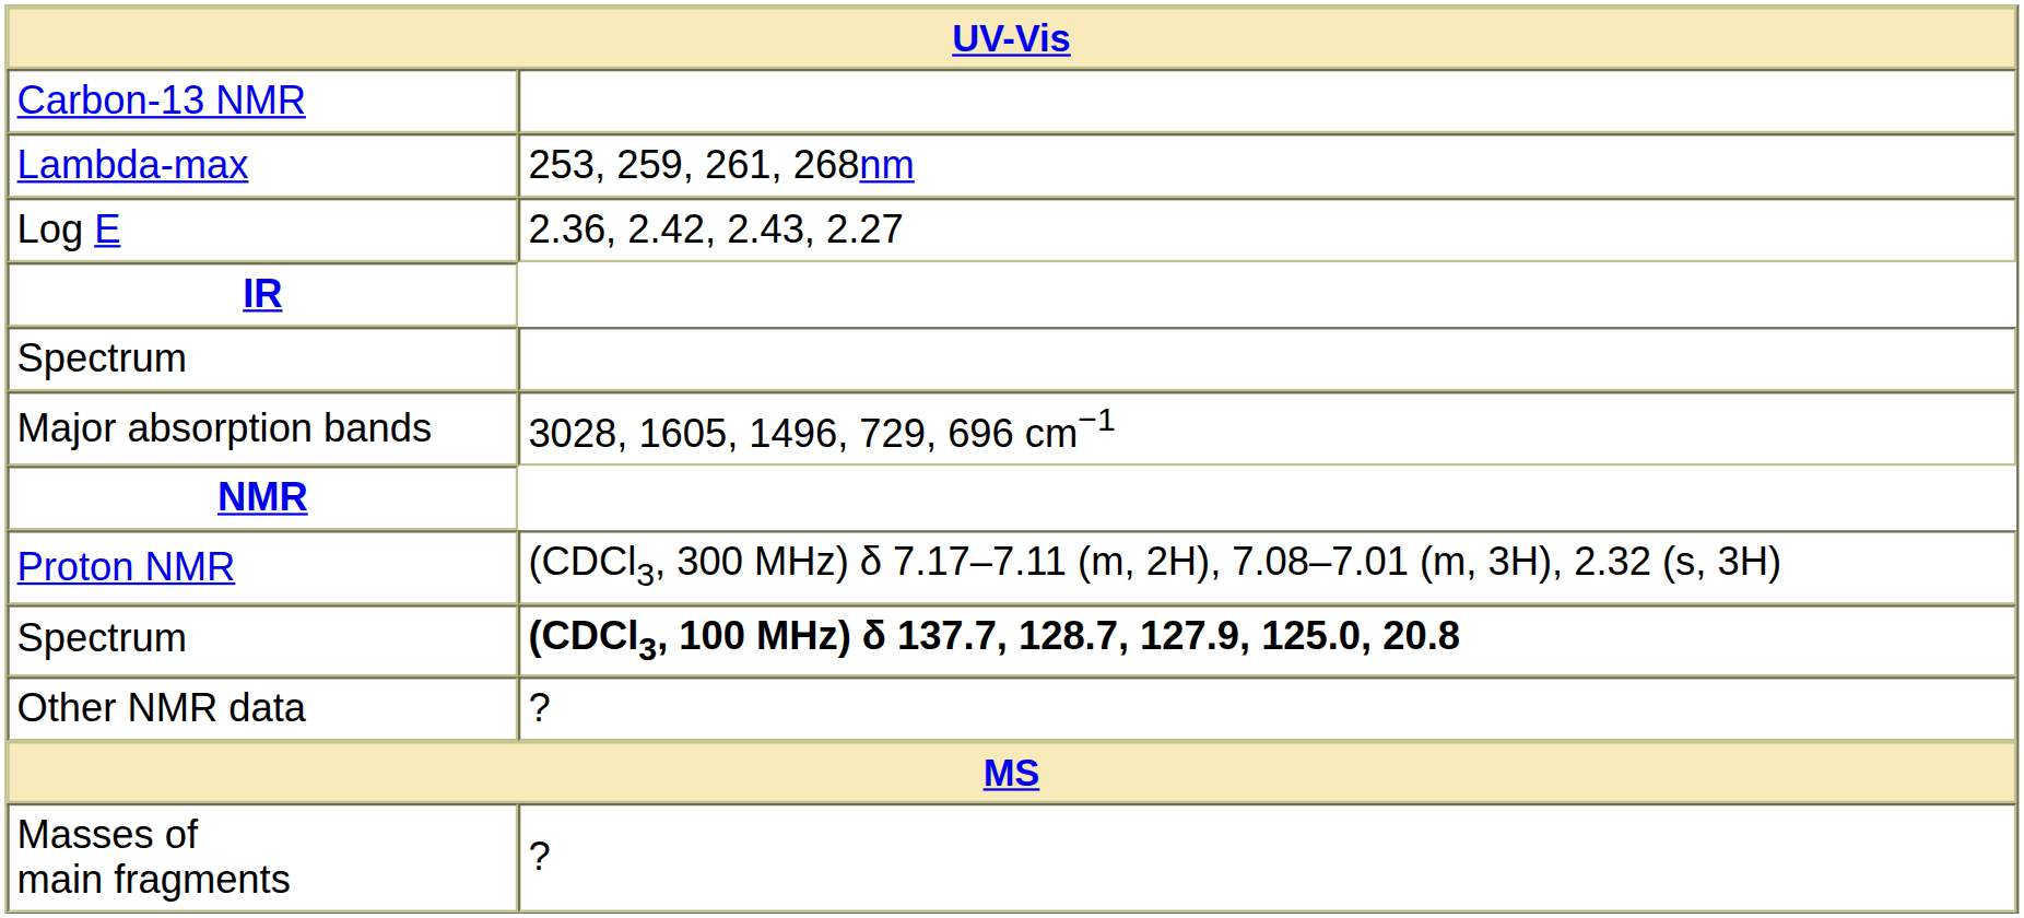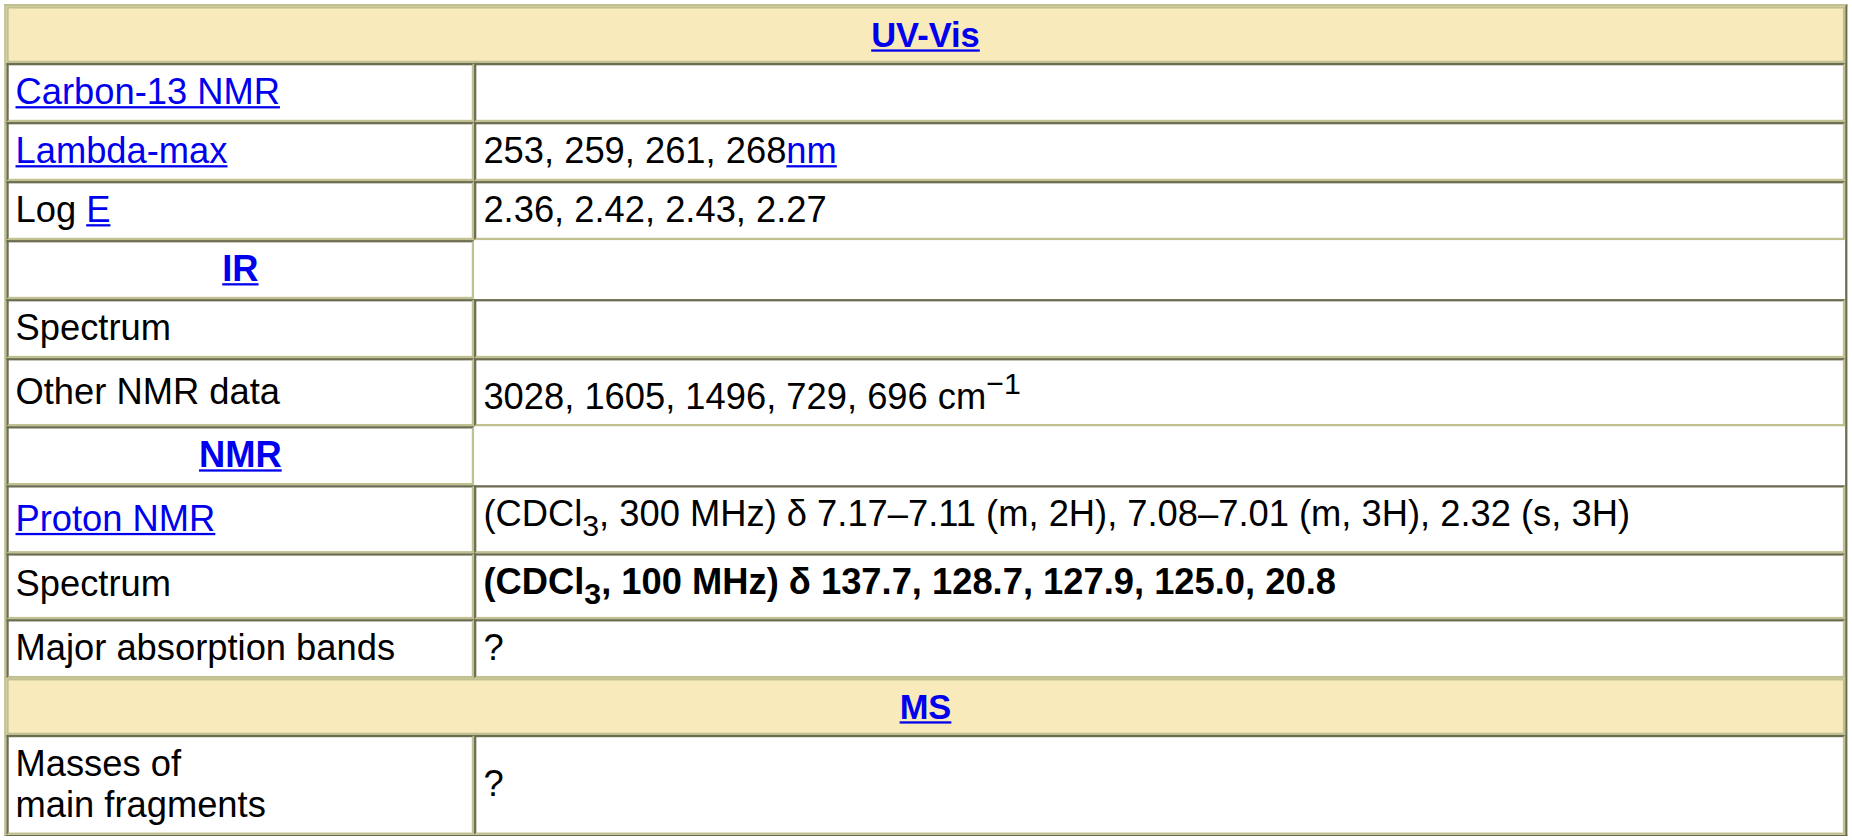 <table border="1" cellspacing="0" cellpadding="3" style="margin: 0 0 0 0.5em; background: #FFFFFF; border-color: #C0C090;">
 <tr>
 <th width="85%" align="center" cellspacing="3" style="font-size:95%; border: 1px solid #C0C090; background-color: #F8EABA; margin-bottom: 3px;" colspan="2"><a href='#'>UV-Vis</a></th>
 </tr>
 <tr>
 <td><a href='#'>Carbon-13 NMR</a> </td>
 <td></td>
 </tr>
 <tr>
 <td><a href='#'>Lambda-max</a></td>
 <td>253, 259, 261, 268<a href='#'>nm</a></td>
 </tr>
 <tr>
 <td>Log <a href='#'>Ε</a></td>
 <td>2.36, 2.42, 2.43, 2.27</td>
 </tr>
 <tr>
 <th><a href='#'>IR</a></th>
 </tr>
 <tr>
 <td>Spectrum</td>
 <td></td>
 </tr>
 <tr>
-<td>Major absorption bands</td>
+<td>Other NMR data </td>
 <td>3028, 1605, 1496, 729, 696 cm<sup>−1</sup></td>
 </tr>
 <tr>
 <th><a href='#'>NMR</a></th>
 </tr>
 <tr>
 <td><a href='#'>Proton NMR</a></td>
 <td>(CDCl<sub>3</sub>, 300 MHz) δ 7.17–7.11 (m, 2H), 7.08–7.01 (m, 3H), 2.32 (s, 3H)</td>
 </tr>
 <tr>
 <td>Spectrum</td>
 <td><strong>(CDCl<sub>3</sub>, 100 MHz) δ 137.7, 128.7, 127.9, 125.0, 20.8</strong></td>
 </tr>
 <tr>
-<td>Other NMR data </td>
+<td>Major absorption bands</td>
 <td>?</td>
 </tr>
 <tr>
 <th width="85%" align="center" cellspacing="3" style="font-size:95%; border: 1px solid #C0C090; background-color: #F8EABA; margin-bottom: 3px;" colspan="2"><a href='#'>MS</a></th>
 </tr>
 <tr>
 <td>Masses of <br>main fragments</td>
 <td>? </td>
 </tr>
 </table>
